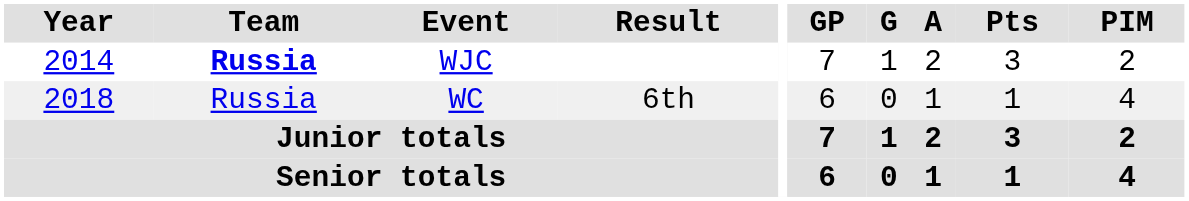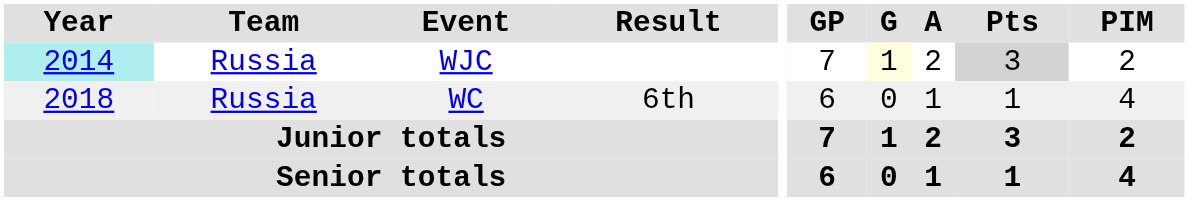 <table border="0" cellpadding="1" cellspacing="0" ID="Table3" style="text-align:center; width:40em">
 <tr ALIGN="center" bgcolor="#e0e0e0">
 <th>Year</th>
 <th>Team</th>
 <th>Event</th>
 <th>Result</th>
 <th rowspan="99" bgcolor="#ffffff"></th>
 <th>GP</th>
 <th>G</th>
 <th>A</th>
 <th>Pts</th>
 <th>PIM</th>
 </tr>
 <tr style="text-align:center;">
-<td><a href='#'>2014</a></td>
-<td><strong><a href='#'>Russia</a></strong></td>
+<td style="background: paleturquoise;"><a href='#'>2014</a></td>
+<td><a href='#'>Russia</a></td>
 <td><a href='#'>WJC</a></td>
 <td></td>
 <td>7</td>
-<td>1</td>
+<td style="background: lightyellow;">1</td>
 <td>2</td>
-<td>3</td>
+<td style="background: lightgrey;">3</td>
 <td>2</td>
 </tr>
 <tr bgcolor="#f0f0f0">
 <td><a href='#'>2018</a></td>
 <td><a href='#'>Russia</a></td>
 <td><a href='#'>WC</a></td>
 <td>6th</td>
 <td>6</td>
 <td>0</td>
 <td>1</td>
 <td>1</td>
 <td>4</td>
 </tr>
 <tr style="text-align:center; background:#e0e0e0;">
 <th colspan="4">Junior totals</th>
 <th>7</th>
 <th>1</th>
 <th>2</th>
 <th>3</th>
 <th>2</th>
 </tr>
 <tr style="text-align:center; background:#e0e0e0;">
 <th colspan="4">Senior totals</th>
 <th>6</th>
 <th>0</th>
 <th>1</th>
 <th>1</th>
 <th>4</th>
 </tr>
 </table>
